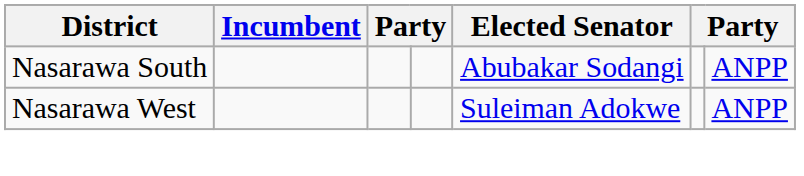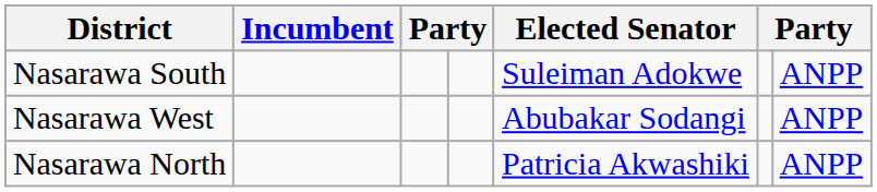 <table class="sortable wikitable" style="font-size:95%;line-height:14px;">
 <tr>
 <th class="unsortable">District</th>
 <th class="unsortable"><a href='#'>Incumbent</a></th>
 <th colspan="2">Party</th>
 <th class="unsortable">Elected Senator</th>
 <th colspan="2">Party</th>
 </tr>
 <tr>
 <td>Nasarawa South</td>
 <td></td>
 <td></td>
 <td></td>
-<td><a href='#'>Abubakar Sodangi</a></td>
+<td><a href='#'>Suleiman Adokwe</a></td>
 <td style="background:"></td>
 <td><a href='#'>ANPP</a></td>
 </tr>
 <tr>
 <td>Nasarawa West</td>
 <td></td>
 <td></td>
 <td></td>
-<td><a href='#'>Suleiman Adokwe</a></td>
+<td><a href='#'>Abubakar Sodangi</a></td>
+<td style="background:"></td>
+<td><a href='#'>ANPP</a></td>
+</tr>
+<tr>
+<td>Nasarawa North</td>
+<td></td>
+<td></td>
+<td></td>
+<td><a href='#'>Patricia Akwashiki</a></td>
 <td style="background:"></td>
 <td><a href='#'>ANPP</a></td>
 </tr>
 </table>
